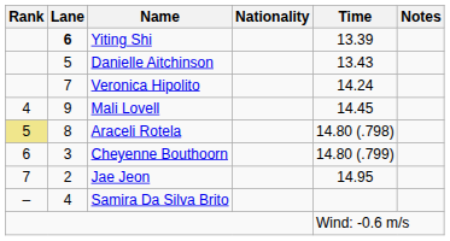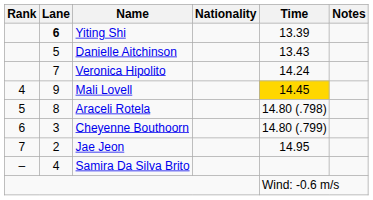 <table class="wikitable sortable" style="text-align:center">
 <tr>
 <th>Rank</th>
 <th>Lane</th>
 <th>Name</th>
 <th>Nationality</th>
 <th>Time</th>
 <th>Notes</th>
 </tr>
 <tr>
 <td></td>
 <td><strong>6</strong></td>
 <td align="left"><a href='#'>Yiting Shi</a></td>
 <td align="left"></td>
 <td>13.39</td>
 <td></td>
 </tr>
 <tr>
 <td></td>
 <td>5</td>
 <td align="left"><a href='#'>Danielle Aitchinson</a></td>
 <td align="left"></td>
 <td>13.43</td>
 <td></td>
 </tr>
 <tr>
 <td></td>
 <td>7</td>
 <td align="left"><a href='#'>Veronica Hipolito</a></td>
 <td align="left"></td>
 <td>14.24</td>
 <td></td>
 </tr>
 <tr>
 <td>4</td>
 <td>9</td>
 <td align="left"><a href='#'>Mali Lovell</a></td>
 <td align="left"></td>
-<td>14.45</td>
+<td style="background: gold;">14.45</td>
 <td></td>
 </tr>
 <tr>
-<td style="background: khaki;">5</td>
+<td>5</td>
 <td>8</td>
 <td align="left"><a href='#'>Araceli Rotela</a></td>
 <td align="left"></td>
 <td>14.80 (.798)</td>
 <td></td>
 </tr>
 <tr>
 <td>6</td>
 <td>3</td>
 <td align="left"><a href='#'>Cheyenne Bouthoorn</a></td>
 <td align="left"></td>
 <td>14.80 (.799)</td>
 <td></td>
 </tr>
 <tr>
 <td>7</td>
 <td>2</td>
 <td align="left"><a href='#'>Jae Jeon</a></td>
 <td align="left"></td>
 <td>14.95</td>
 <td></td>
 </tr>
 <tr>
 <td>–</td>
 <td>4</td>
 <td align="left"><a href='#'>Samira Da Silva Brito</a></td>
 <td align="left"></td>
 <td></td>
 <td></td>
 </tr>
 <tr class="sortbottom">
 <td colspan="4"></td>
 <td colspan="2" style="text-align:left;">Wind: -0.6 m/s</td>
 </tr>
 </table>
